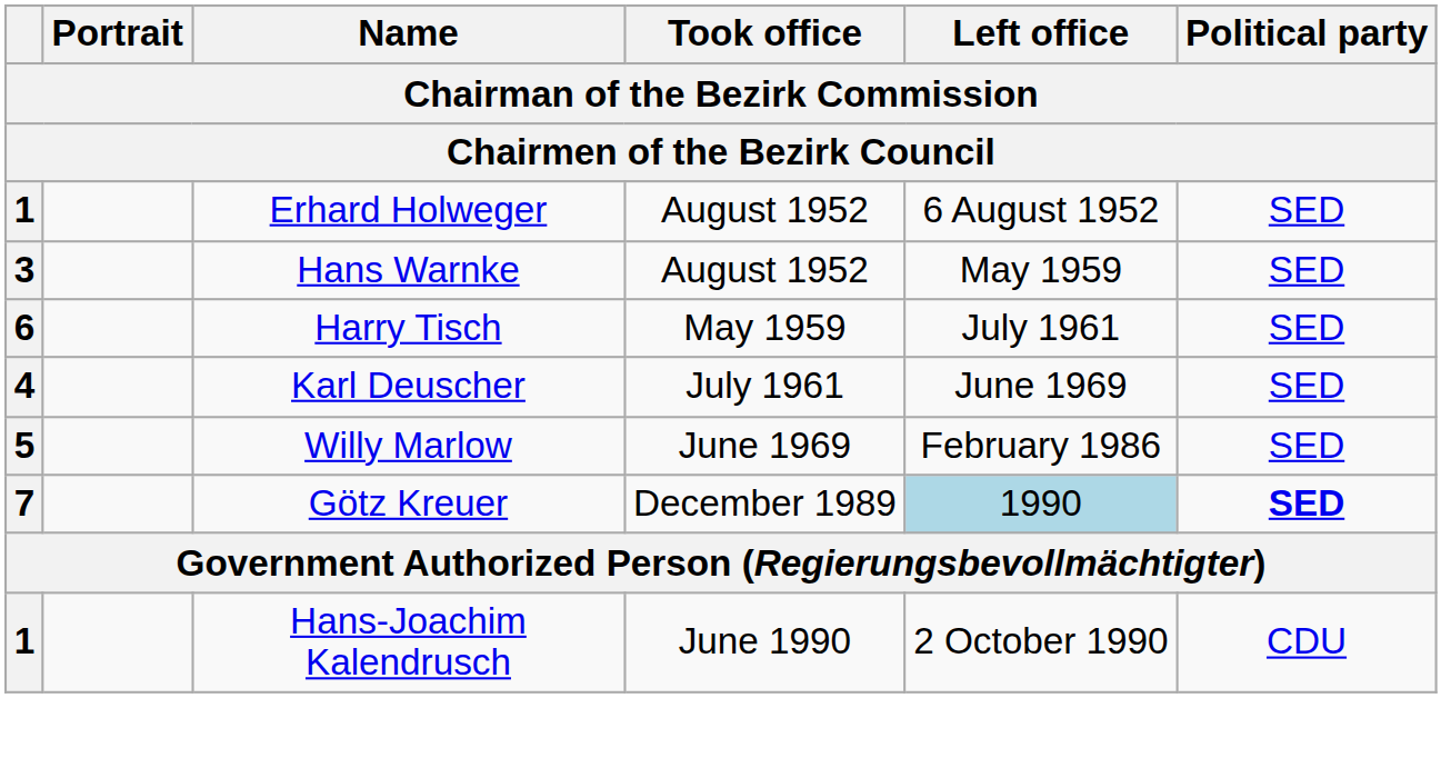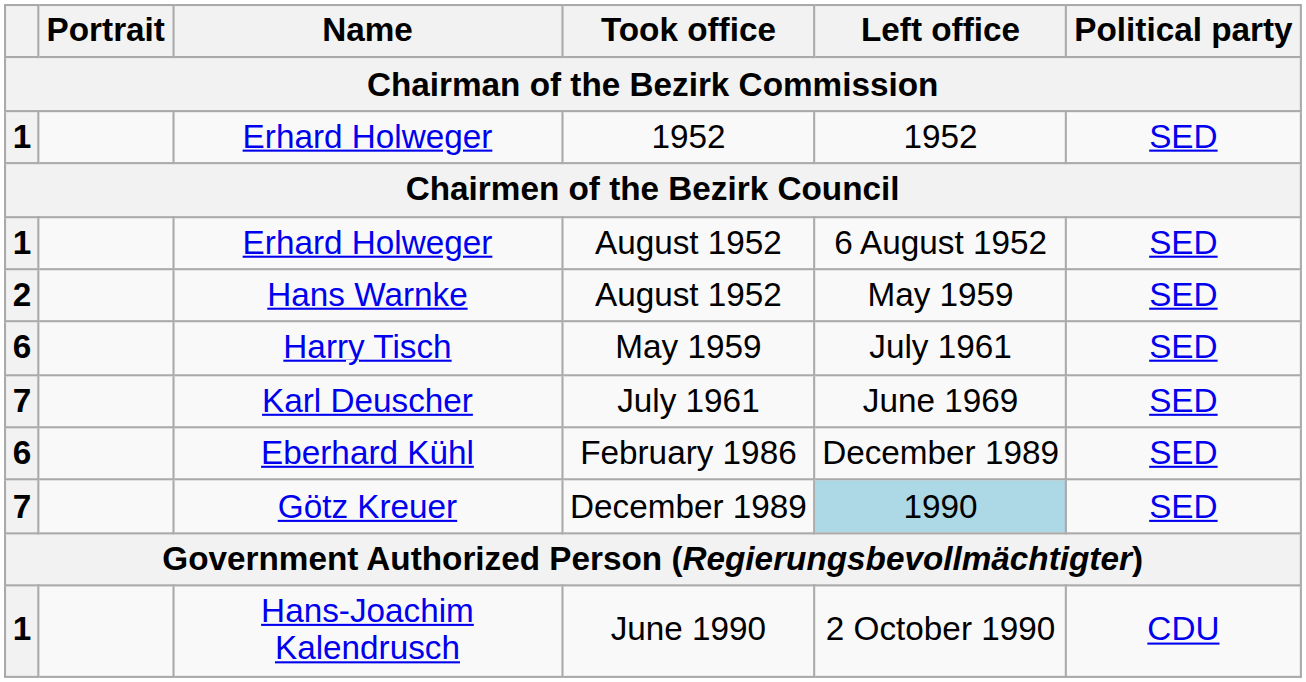 <table class="wikitable" style="text-align:center">
 <tr>
 <th></th>
 <th>Portrait</th>
 <th width=180>Name<br></th>
 <th>Took office</th>
 <th>Left office</th>
 <th>Political party</th>
 </tr>
 <tr>
 <th colspan=6>Chairman of the Bezirk Commission</th>
 </tr>
 <tr>
+<th style="background:">1</th>
+<td></td>
+<td><a href='#'>Erhard Holweger</a><br></td>
+<td>1952</td>
+<td>1952</td>
+<td><a href='#'>SED</a></td>
+</tr>
+<tr>
 <th colspan=6>Chairmen of the Bezirk Council</th>
 </tr>
 <tr>
 <th style="background:">1</th>
 <td></td>
 <td><a href='#'>Erhard Holweger</a><br></td>
 <td>August 1952</td>
 <td>6 August 1952</td>
 <td><a href='#'>SED</a></td>
 </tr>
 <tr>
-<th style="background:">3</th>
+<th style="background:">2</th>
 <td></td>
 <td><a href='#'>Hans Warnke</a><br></td>
 <td>August 1952</td>
 <td>May 1959</td>
 <td><a href='#'>SED</a></td>
 </tr>
 <tr>
 <th style="background:">6</th>
 <td></td>
 <td><a href='#'>Harry Tisch</a><br></td>
 <td>May 1959</td>
 <td>July 1961</td>
 <td><a href='#'>SED</a></td>
 </tr>
 <tr>
-<th style="background:">4</th>
+<th style="background:">7</th>
 <td></td>
 <td><a href='#'>Karl Deuscher</a><br></td>
 <td>July 1961</td>
 <td>June 1969</td>
 <td><a href='#'>SED</a></td>
 </tr>
 <tr>
-<th style="background:">5</th>
+<th style="background:">6</th>
 <td></td>
-<td><a href='#'>Willy Marlow</a><br></td>
-<td>June 1969</td>
+<td><a href='#'>Eberhard Kühl</a><br></td>
 <td>February 1986</td>
+<td>December 1989</td>
 <td><a href='#'>SED</a></td>
 </tr>
 <tr>
 <th style="background:">7</th>
 <td></td>
 <td><a href='#'>Götz Kreuer</a><br></td>
 <td>December 1989</td>
 <td style="background: lightblue;">1990</td>
-<td><strong><a href='#'>SED</a></strong></td>
+<td><a href='#'>SED</a></td>
 </tr>
 <tr>
 <th colspan=6>Government Authorized Person (<em>Regierungsbevollmächtigter</em>)</th>
 </tr>
 <tr>
 <th style="background:">1</th>
 <td></td>
 <td><a href='#'>Hans-Joachim Kalendrusch</a><br></td>
 <td>June 1990</td>
 <td>2 October 1990</td>
 <td><a href='#'>CDU</a></td>
 </tr>
 </table>
